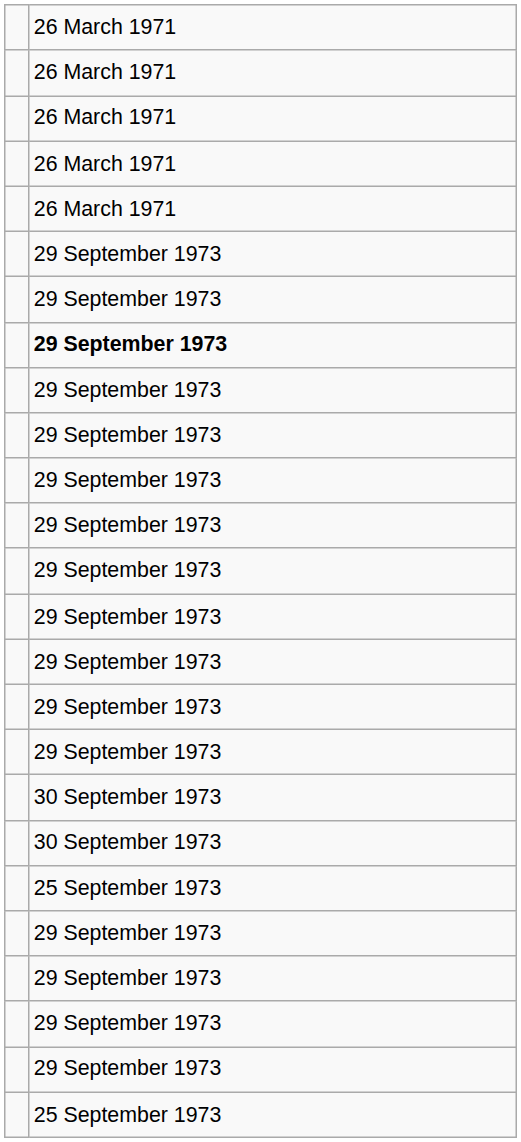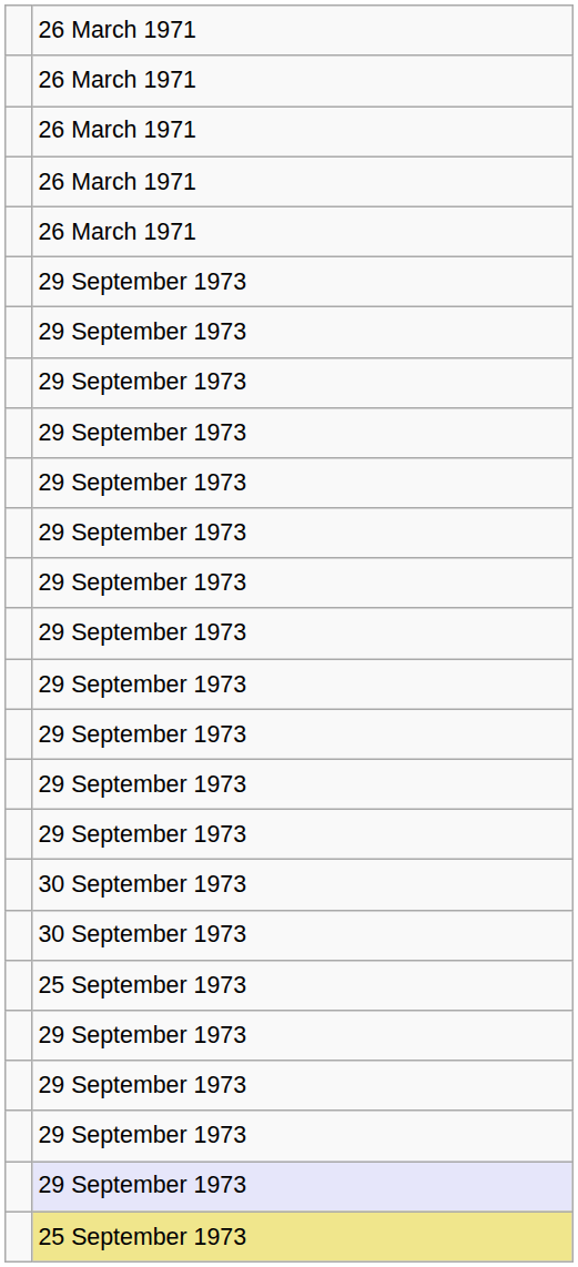 <table class="wikitable" style="font-size: 89%; float: left; width: 24em; margin-right: 1em; line-height: 1.65em">
 <tr>
 <td></td>
 <td>26 March 1971</td>
 </tr>
 <tr>
 <td></td>
 <td>26 March 1971</td>
 </tr>
 <tr>
 <td></td>
 <td>26 March 1971</td>
 </tr>
 <tr>
 <td></td>
 <td>26 March 1971</td>
 </tr>
 <tr>
 <td></td>
 <td>26 March 1971</td>
 </tr>
 <tr>
 <td></td>
 <td>29 September 1973</td>
 </tr>
 <tr>
 <td></td>
 <td>29 September 1973</td>
 </tr>
 <tr>
 <td></td>
-<td><strong>29 September 1973</strong></td>
+<td>29 September 1973</td>
 </tr>
 <tr>
 <td></td>
 <td>29 September 1973</td>
 </tr>
 <tr>
 <td></td>
 <td>29 September 1973</td>
 </tr>
 <tr>
 <td></td>
 <td>29 September 1973</td>
 </tr>
 <tr>
 <td></td>
 <td>29 September 1973</td>
 </tr>
 <tr>
 <td></td>
 <td>29 September 1973</td>
 </tr>
 <tr>
 <td></td>
 <td>29 September 1973</td>
 </tr>
 <tr>
 <td></td>
 <td>29 September 1973</td>
 </tr>
 <tr>
 <td></td>
 <td>29 September 1973</td>
 </tr>
 <tr>
 <td></td>
 <td>29 September 1973</td>
 </tr>
 <tr>
 <td></td>
 <td>30 September 1973</td>
 </tr>
 <tr>
 <td></td>
 <td>30 September 1973</td>
 </tr>
 <tr>
 <td></td>
 <td>25 September 1973</td>
 </tr>
 <tr>
 <td></td>
 <td>29 September 1973</td>
 </tr>
 <tr>
 <td></td>
 <td>29 September 1973</td>
 </tr>
 <tr>
 <td></td>
 <td>29 September 1973</td>
 </tr>
 <tr>
 <td></td>
-<td>29 September 1973</td>
+<td style="background: lavender;">29 September 1973</td>
 </tr>
 <tr>
 <td></td>
-<td>25 September 1973</td>
+<td style="background: khaki;">25 September 1973</td>
 </tr>
 </table>
